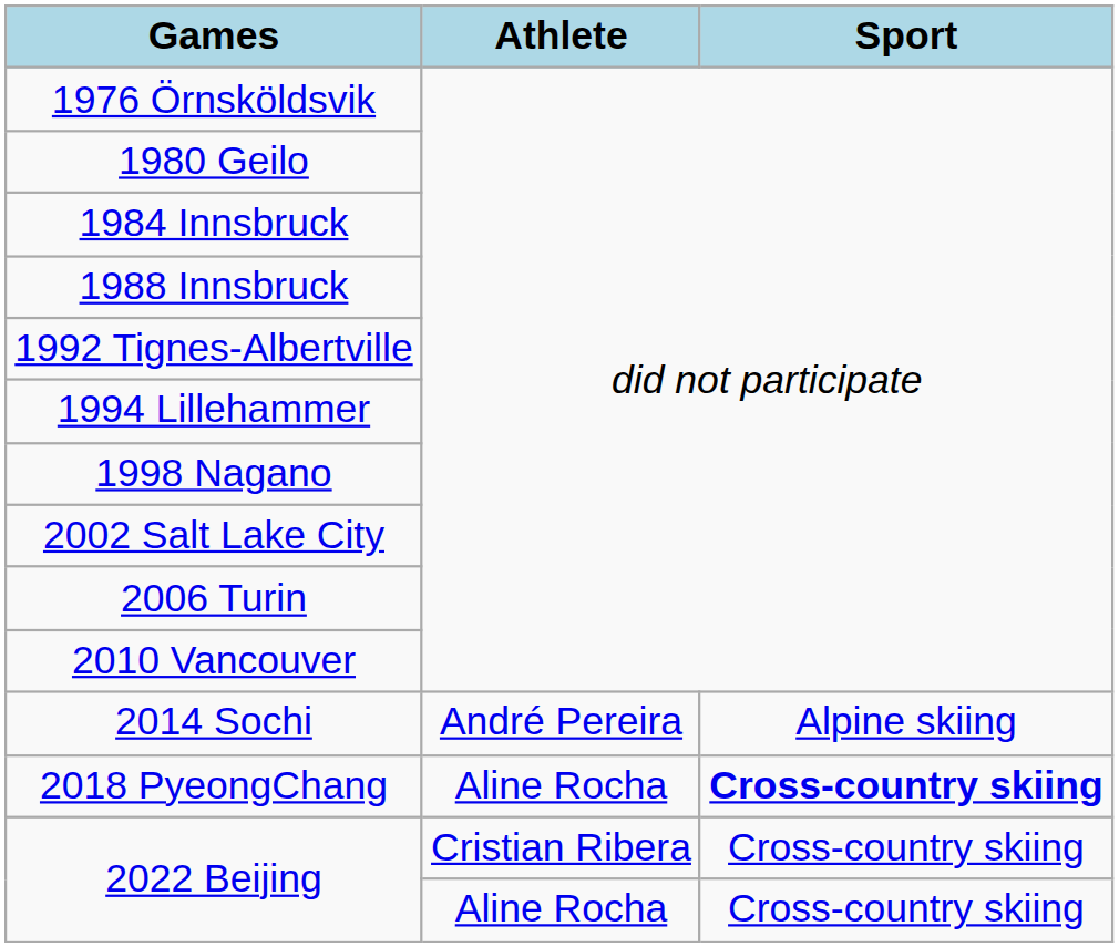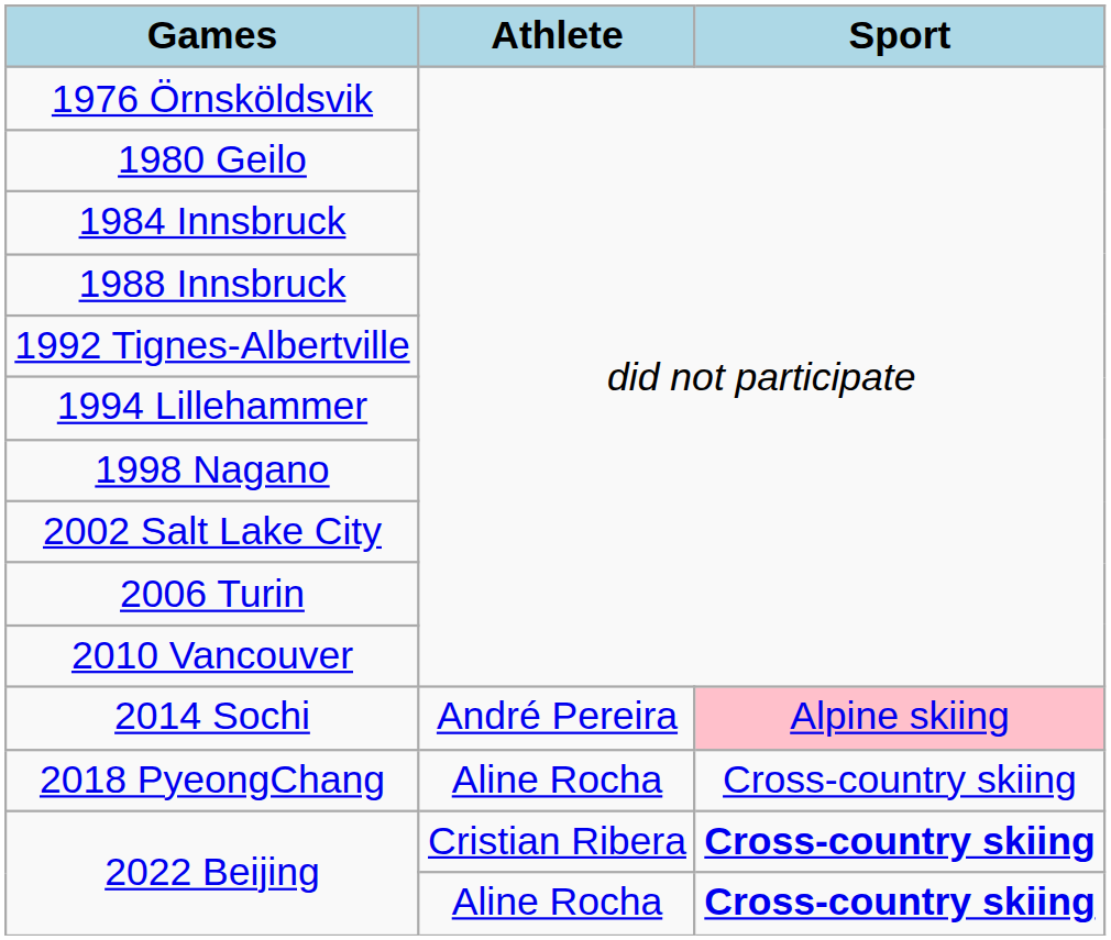 <table class="wikitable" style="text-align:center">
 <tr>
 <th style="background:lightblue;">Games</th>
 <th style="background:lightblue;">Athlete</th>
 <th style="background:lightblue;">Sport</th>
 </tr>
 <tr>
 <td> <a href='#'>1976 Örnsköldsvik</a></td>
 <td colspan="2" rowspan="10"><em>did not participate</em></td>
 </tr>
 <tr>
 <td> <a href='#'>1980 Geilo</a></td>
 </tr>
 <tr>
 <td> <a href='#'>1984 Innsbruck</a></td>
 </tr>
 <tr>
 <td> <a href='#'>1988 Innsbruck</a></td>
 </tr>
 <tr>
 <td> <a href='#'>1992 Tignes-Albertville</a></td>
 </tr>
 <tr>
 <td> <a href='#'>1994 Lillehammer</a></td>
 </tr>
 <tr>
 <td> <a href='#'>1998 Nagano</a></td>
 </tr>
 <tr>
 <td> <a href='#'>2002 Salt Lake City</a></td>
 </tr>
 <tr>
 <td> <a href='#'>2006 Turin</a></td>
 </tr>
 <tr>
 <td> <a href='#'>2010 Vancouver</a></td>
 </tr>
 <tr>
 <td> <a href='#'>2014 Sochi</a></td>
 <td><a href='#'>André Pereira</a></td>
-<td><a href='#'>Alpine skiing</a></td>
+<td style="background: pink;"><a href='#'>Alpine skiing</a></td>
 </tr>
 <tr>
 <td> <a href='#'>2018 PyeongChang</a></td>
 <td><a href='#'>Aline Rocha</a></td>
-<td><strong><a href='#'>Cross-country skiing</a></strong></td>
+<td><a href='#'>Cross-country skiing</a></td>
 </tr>
 <tr>
 <td rowspan=2> <a href='#'>2022 Beijing</a></td>
 <td><a href='#'>Cristian Ribera</a></td>
-<td><a href='#'>Cross-country skiing</a></td>
+<td><strong><a href='#'>Cross-country skiing</a></strong></td>
 </tr>
 <tr>
 <td><a href='#'>Aline Rocha</a></td>
-<td><a href='#'>Cross-country skiing</a></td>
+<td><strong><a href='#'>Cross-country skiing</a></strong></td>
 </tr>
 </table>
